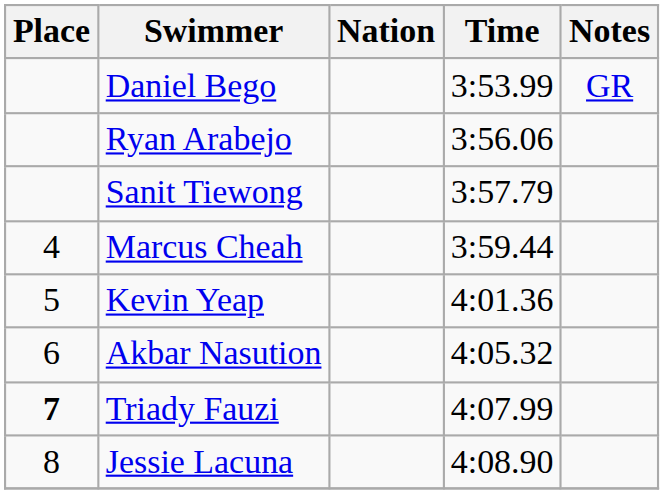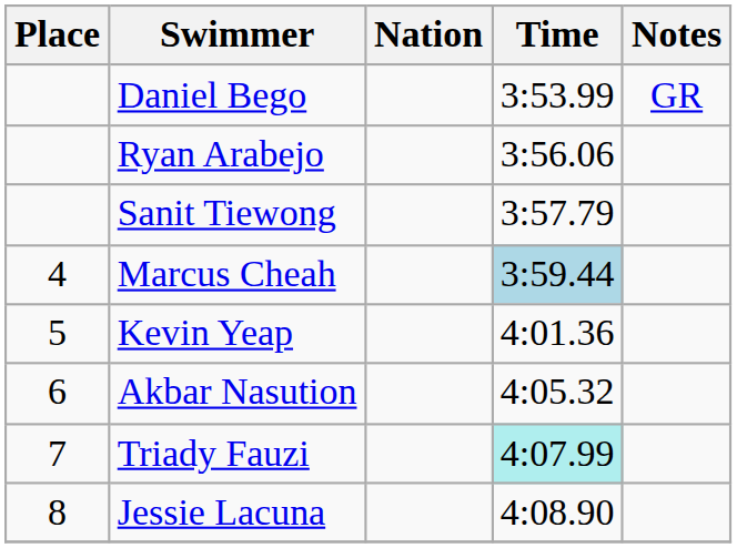 <table class="wikitable sortable" style="text-align:center">
 <tr>
 <th>Place</th>
 <th>Swimmer</th>
 <th>Nation</th>
 <th>Time</th>
 <th>Notes</th>
 </tr>
 <tr>
 <td></td>
 <td align=left><a href='#'>Daniel Bego</a></td>
 <td align=left></td>
 <td>3:53.99</td>
 <td><a href='#'>GR</a></td>
 </tr>
 <tr>
 <td></td>
 <td align=left><a href='#'>Ryan Arabejo</a></td>
 <td align=left></td>
 <td>3:56.06</td>
 <td></td>
 </tr>
 <tr>
 <td></td>
 <td align=left><a href='#'>Sanit Tiewong</a></td>
 <td align=left></td>
 <td>3:57.79</td>
 <td></td>
 </tr>
 <tr>
 <td>4</td>
 <td align=left><a href='#'>Marcus Cheah</a></td>
 <td align=left></td>
-<td>3:59.44</td>
+<td style="background: lightblue;">3:59.44</td>
 <td></td>
 </tr>
 <tr>
 <td>5</td>
 <td align=left><a href='#'>Kevin Yeap</a></td>
 <td align=left></td>
 <td>4:01.36</td>
 <td></td>
 </tr>
 <tr>
 <td>6</td>
 <td align=left><a href='#'>Akbar Nasution</a></td>
 <td align=left></td>
 <td>4:05.32</td>
 <td></td>
 </tr>
 <tr>
-<td><strong>7</strong></td>
+<td>7</td>
 <td align=left><a href='#'>Triady Fauzi</a></td>
 <td align=left></td>
-<td>4:07.99</td>
+<td style="background: paleturquoise;">4:07.99</td>
 <td></td>
 </tr>
 <tr>
 <td>8</td>
 <td align=left><a href='#'>Jessie Lacuna</a></td>
 <td align=left></td>
 <td>4:08.90</td>
 <td></td>
 </tr>
 <tr>
 </tr>
 </table>
